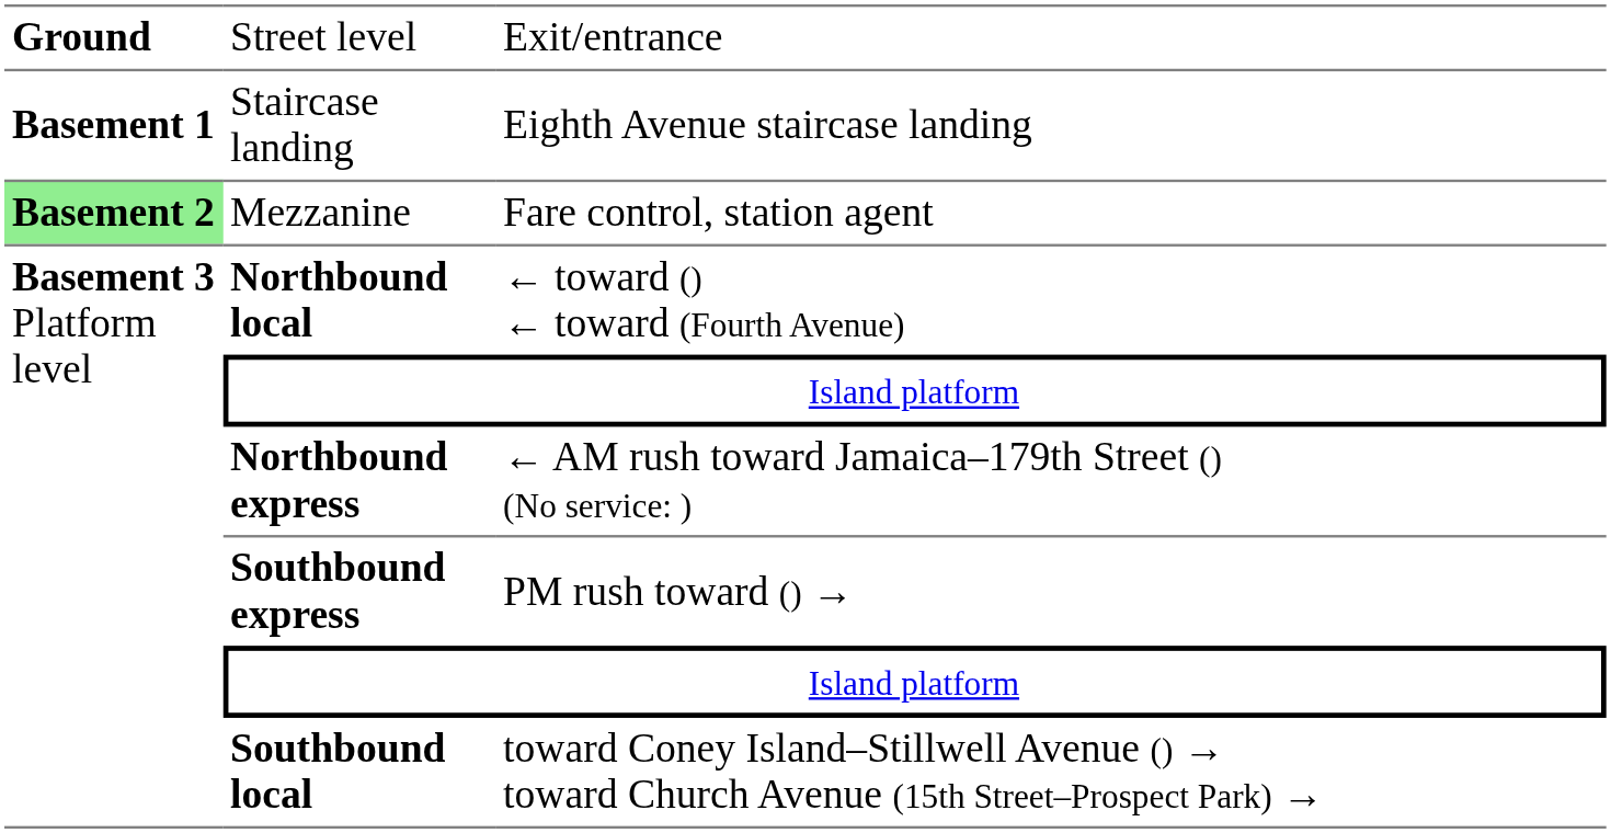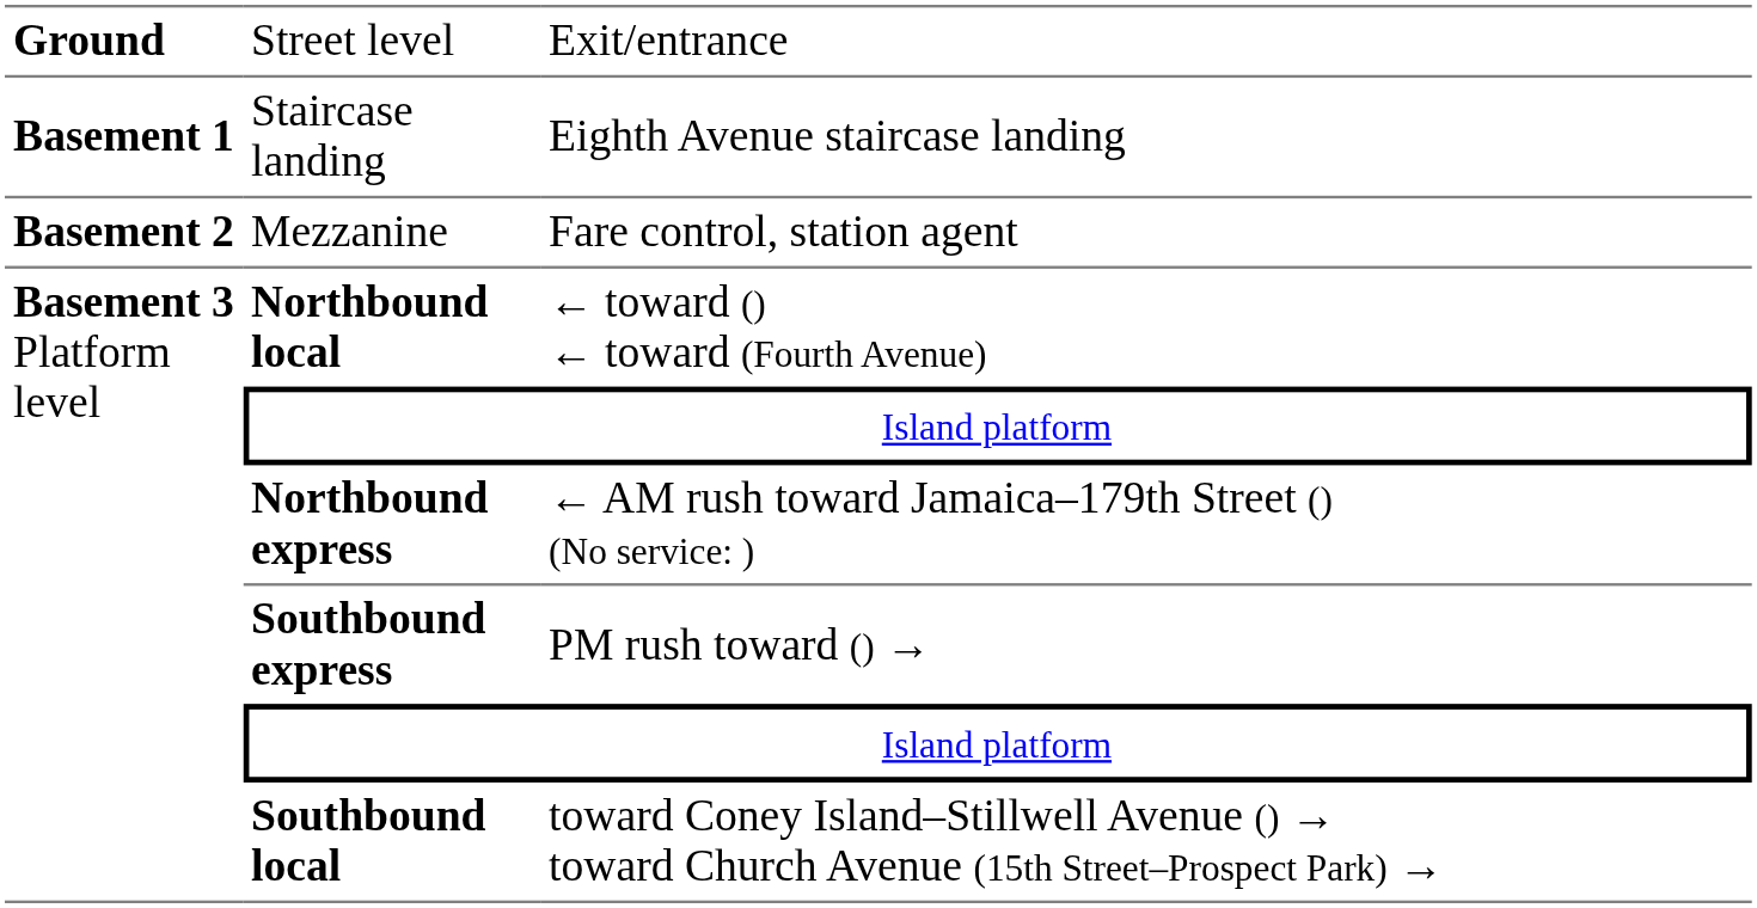 <table table border=0 cellspacing=0 cellpadding=3>
 <tr>
 <td style="border-top:solid 1px gray;" width=75><strong>Ground</strong></td>
 <td style="border-top:solid 1px gray;" width=100>Street level</td>
 <td style="border-top:solid 1px gray;" width=425>Exit/entrance</td>
 </tr>
 <tr>
 <td style="border-top:solid 1px gray;"><strong>Basement 1</strong></td>
 <td style="border-top:solid 1px gray;">Staircase landing</td>
 <td style="border-top:solid 1px gray;">Eighth Avenue staircase landing</td>
 </tr>
 <tr>
-<td style="background: lightgreen; border-top:solid 1px gray;"><strong>Basement 2</strong></td>
+<td style="border-top:solid 1px gray;"><strong>Basement 2</strong></td>
 <td style="border-top:solid 1px gray;">Mezzanine</td>
 <td style="border-top:solid 1px gray;">Fare control, station agent<br></td>
 </tr>
 <tr>
 <td style="border-top:solid 1px gray;border-bottom:solid 1px gray;" rowspan=6 valign=top><strong>Basement 3</strong><br>Platform level</td>
 <td style="border-top:solid 1px gray;"><strong>Northbound local</strong></td>
 <td style="border-top:solid 1px gray;">←  toward  <small>()</small><br>←  toward  <small>(Fourth Avenue)</small></td>
 </tr>
 <tr>
 <td style="border-top:solid 2px black;border-right:solid 2px black;border-left:solid 2px black;border-bottom:solid 2px black;text-align:center;" colspan=2><small><a href='#'>Island platform</a> </small></td>
 </tr>
 <tr>
 <td style="border-bottom:solid 1px gray;"><span><strong>Northbound express</strong></span></td>
 <td style="border-bottom:solid 1px gray;">←  AM rush toward Jamaica–179th Street <small>()</small><br> <small>(No service: )</small></td>
 </tr>
 <tr>
 <td><span><strong>Southbound express</strong></span></td>
 <td>  PM rush toward  <small>()</small> →</td>
 </tr>
 <tr>
 <td style="border-top:solid 2px black;border-right:solid 2px black;border-left:solid 2px black;border-bottom:solid 2px black;text-align:center;" colspan=2><small><a href='#'>Island platform</a> </small></td>
 </tr>
 <tr>
 <td style="border-bottom:solid 1px gray;"><strong>Southbound local</strong></td>
 <td style="border-bottom:solid 1px gray;">  toward Coney Island–Stillwell Avenue <small>()</small> →<br>  toward Church Avenue <small>(15th Street–Prospect Park)</small> →</td>
 </tr>
 </table>
